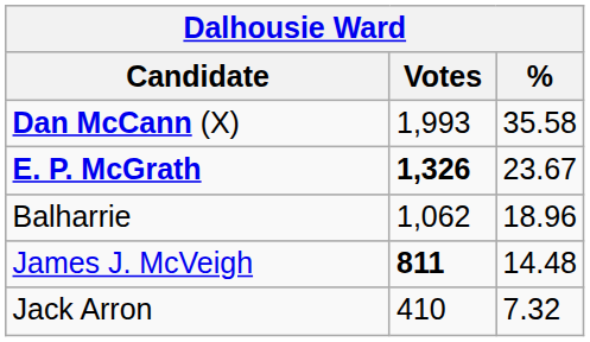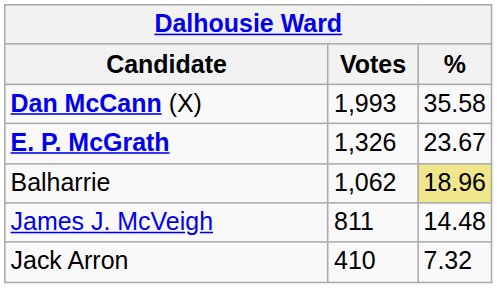 <table class="wikitable">
 <tr>
 <th colspan="3"><a href='#'>Dalhousie Ward</a></th>
 </tr>
 <tr>
 <th style="width: 200px">Candidate</th>
 <th style="width: 50px">Votes</th>
 <th style="width: 40px">%</th>
 </tr>
 <tr>
 <td><strong><a href='#'>Dan McCann</a></strong> (X)</td>
 <td>1,993</td>
 <td>35.58</td>
 </tr>
 <tr>
 <td><strong><a href='#'>E. P. McGrath</a></strong></td>
-<td><strong>1,326</strong></td>
+<td>1,326</td>
 <td>23.67</td>
 </tr>
 <tr>
 <td>Balharrie</td>
 <td>1,062</td>
-<td>18.96</td>
+<td style="background: khaki;">18.96</td>
 </tr>
 <tr>
 <td><a href='#'>James J. McVeigh</a></td>
-<td><strong>811</strong></td>
+<td>811</td>
 <td>14.48</td>
 </tr>
 <tr>
 <td>Jack Arron</td>
 <td>410</td>
 <td>7.32</td>
 </tr>
 </table>
